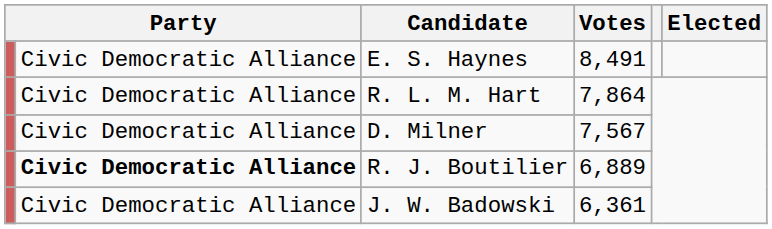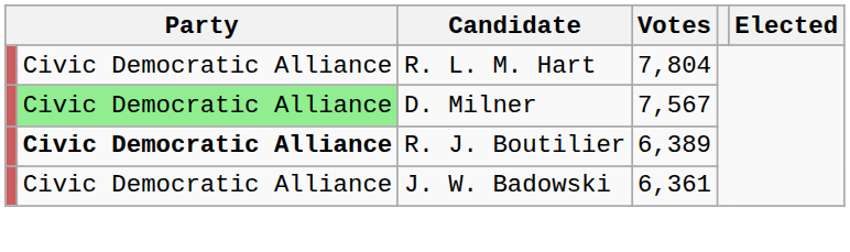 <table class="wikitable">
 <tr>
 <th colspan="2">Party</th>
 <th>Candidate</th>
 <th>Votes</th>
 <th></th>
 <th>Elected<br>  </th>
 </tr>
 <tr>
 <td bgcolor="indianred"></td>
 <td>Civic Democratic Alliance</td>
-<td>E. S. Haynes</td>
-<td align="right">8,491</td>
-<td></td>
-<td align="center"><br> </td>
+<td>R. L. M. Hart</td>
+<td align="right">7,804</td>
 </tr>
 <tr>
 <td bgcolor="indianred"></td>
-<td>Civic Democratic Alliance</td>
-<td>R. L. M. Hart</td>
-<td align="right">7,864</td>
-</tr>
-<tr>
-<td bgcolor="indianred"></td>
-<td>Civic Democratic Alliance</td>
+<td style="background: lightgreen;">Civic Democratic Alliance</td>
 <td>D. Milner</td>
 <td align="right">7,567</td>
 </tr>
 <tr>
 <td bgcolor="indianred"></td>
 <td><strong>Civic Democratic Alliance</strong></td>
 <td>R. J. Boutilier</td>
-<td align="right">6,889</td>
+<td align="right">6,389</td>
 </tr>
 <tr>
 <td bgcolor="indianred"></td>
 <td>Civic Democratic Alliance</td>
 <td>J. W. Badowski</td>
 <td align="right">6,361</td>
 </tr>
 </table>
